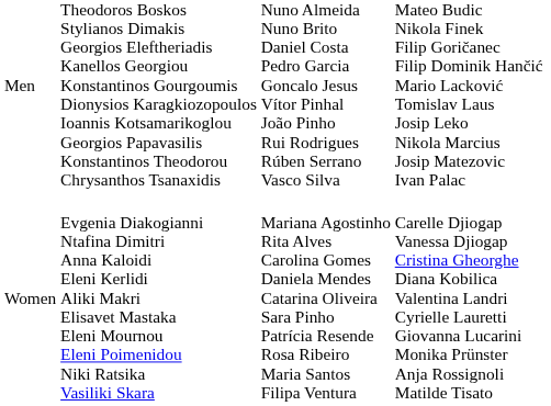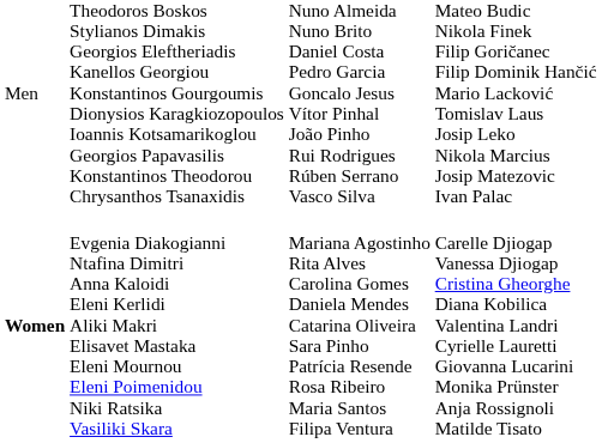 <table>
 <tr>
 <td>Men</td>
 <td nowrap><br>Theodoros Boskos<br>Stylianos Dimakis<br>Georgios Eleftheriadis<br>Kanellos Georgiou<br>Konstantinos Gourgoumis<br>Dionysios Karagkiozopoulos<br>Ioannis Kotsamarikoglou<br>Georgios Papavasilis<br>Konstantinos Theodorou<br>Chrysanthos Tsanaxidis</td>
 <td nowrap><br>Nuno Almeida<br>Nuno Brito<br>Daniel Costa<br>Pedro Garcia<br>Goncalo Jesus<br>Vítor Pinhal<br>João Pinho<br>Rui Rodrigues<br>Rúben Serrano<br>Vasco Silva</td>
 <td nowrap><br>Mateo Budic<br>Nikola Finek<br>Filip Goričanec<br>Filip Dominik Hančić<br>Mario Lacković<br>Tomislav Laus<br>Josip Leko<br>Nikola Marcius<br>Josip Matezovic<br>Ivan Palac</td>
 </tr>
 <tr>
-<td>Women</td>
+<td><strong>Women</strong></td>
 <td><br>Evgenia Diakogianni<br>Ntafina Dimitri<br>Anna Kaloidi<br>Eleni Kerlidi<br>Aliki Makri<br>Elisavet Mastaka<br>Eleni Mournou<br><a href='#'>Eleni Poimenidou</a><br>Niki Ratsika<br><a href='#'>Vasiliki Skara</a></td>
 <td><br>Mariana Agostinho<br>Rita Alves<br>Carolina Gomes<br>Daniela Mendes<br>Catarina Oliveira<br>Sara Pinho<br>Patrícia Resende<br>Rosa Ribeiro<br>Maria Santos<br>Filipa Ventura</td>
 <td nowrap><br>Carelle Djiogap<br>Vanessa Djiogap<br><a href='#'>Cristina Gheorghe</a><br>Diana Kobilica<br>Valentina Landri<br>Cyrielle Lauretti<br>Giovanna Lucarini<br>Monika Prünster<br>Anja Rossignoli<br>Matilde Tisato</td>
 </tr>
 </table>
